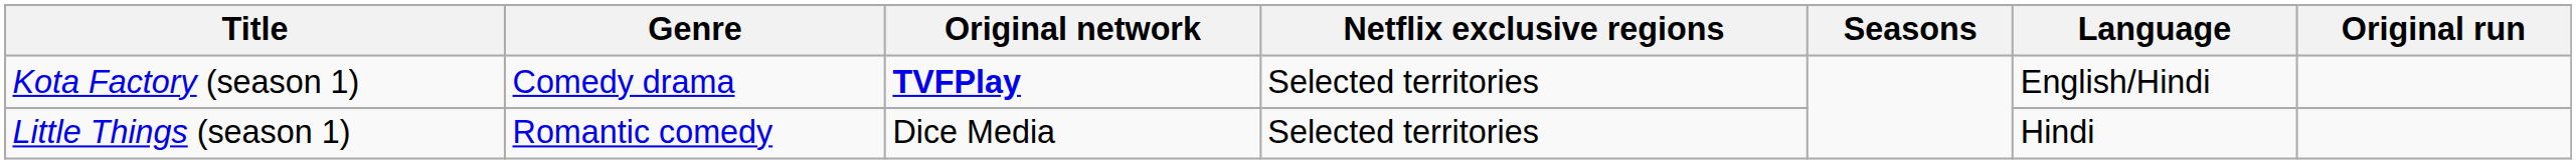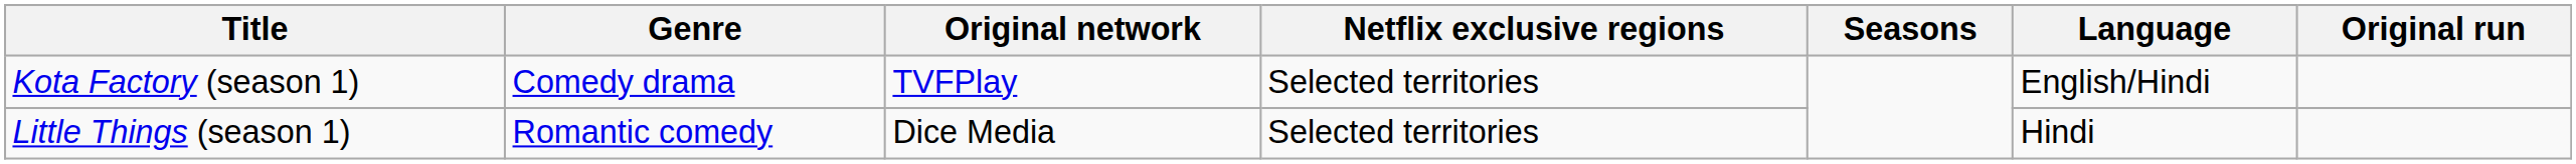 <table class="wikitable sortable" style="width:100%;">
 <tr>
 <th>Title</th>
 <th>Genre</th>
 <th>Original network</th>
 <th>Netflix exclusive regions</th>
 <th>Seasons</th>
 <th>Language</th>
 <th>Original run</th>
 </tr>
 <tr>
 <td><em><a href='#'>Kota Factory</a></em> (season 1)</td>
 <td><a href='#'>Comedy drama</a></td>
-<td><strong><a href='#'>TVFPlay</a></strong></td>
+<td><a href='#'>TVFPlay</a></td>
 <td>Selected territories</td>
 <td rowspan="2"></td>
 <td>English/Hindi</td>
 <td></td>
 </tr>
 <tr>
 <td><em><a href='#'>Little Things</a></em> (season 1)</td>
 <td><a href='#'>Romantic comedy</a></td>
 <td>Dice Media</td>
 <td>Selected territories</td>
 <td>Hindi</td>
 <td></td>
 </tr>
 </table>
